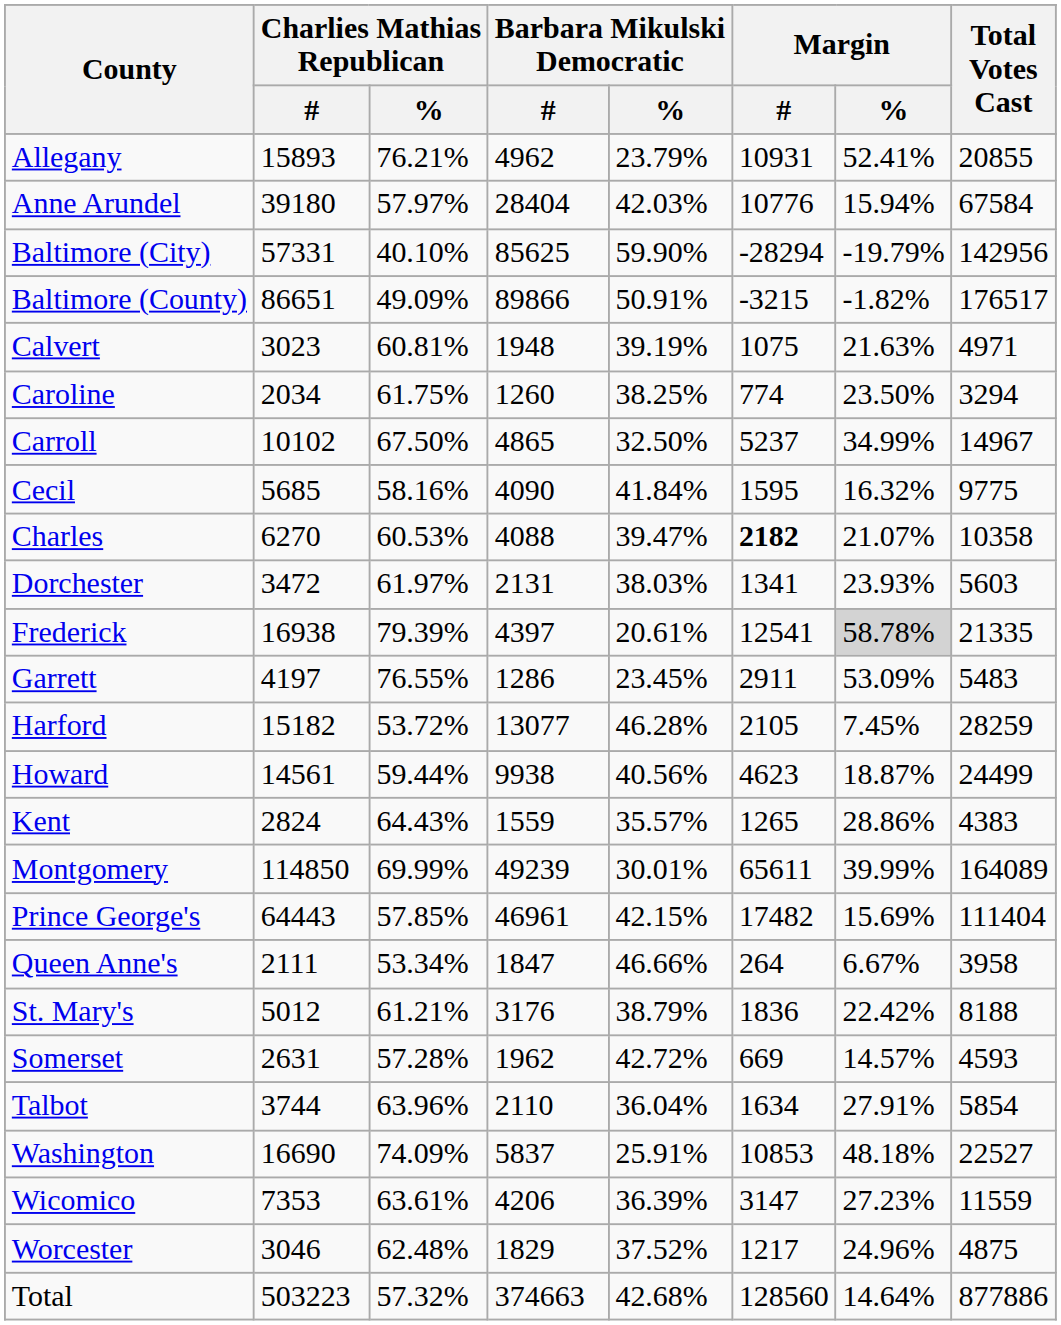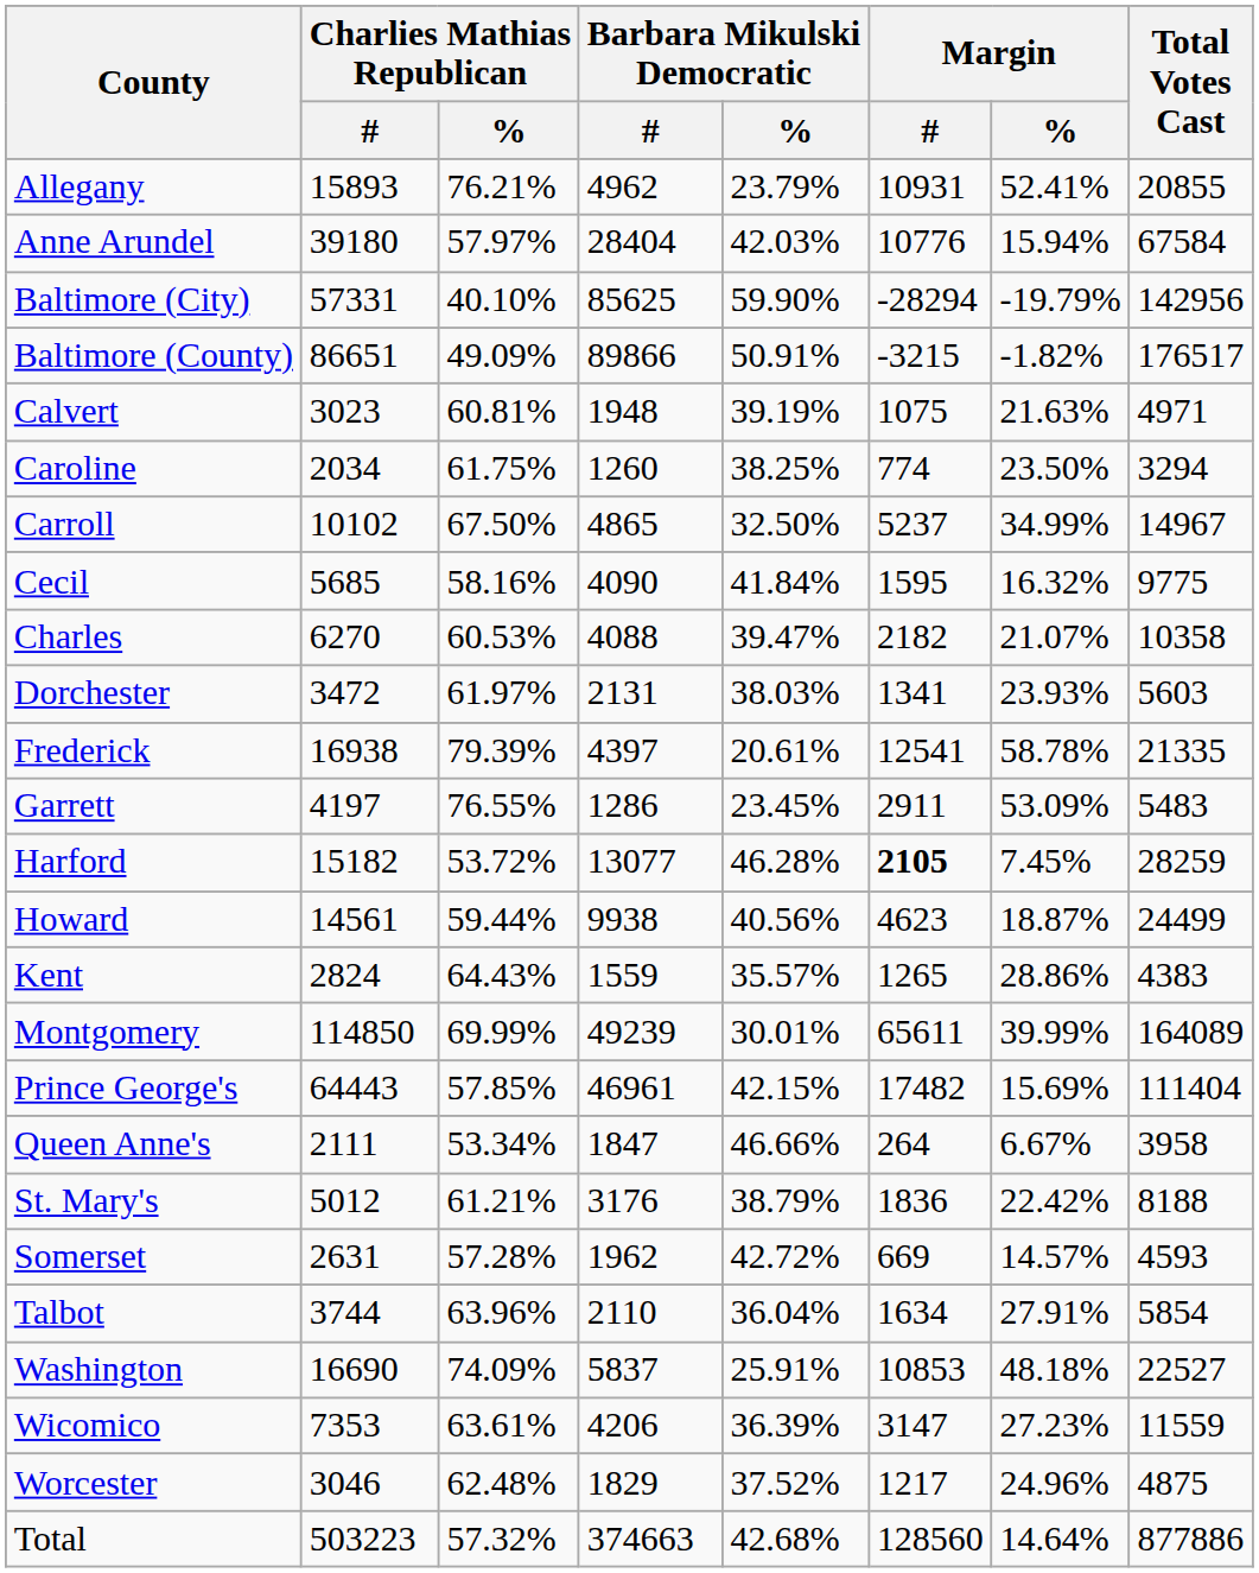 <table class="wikitable sortable">
 <tr>
 <th rowspan="2">County</th>
 <th colspan="2" >Charlies Mathias<br>Republican</th>
 <th colspan="2" >Barbara Mikulski<br>Democratic</th>
 <th colspan="2">Margin</th>
 <th rowspan="2">Total<br>Votes<br>Cast</th>
 </tr>
 <tr>
 <th>#</th>
 <th>%</th>
 <th>#</th>
 <th>%</th>
 <th>#</th>
 <th>%</th>
 </tr>
 <tr>
 <td><a href='#'>Allegany</a></td>
 <td>15893</td>
 <td>76.21%</td>
 <td>4962</td>
 <td>23.79%</td>
 <td>10931</td>
 <td>52.41%</td>
 <td>20855</td>
 </tr>
 <tr>
 <td><a href='#'>Anne Arundel</a></td>
 <td>39180</td>
 <td>57.97%</td>
 <td>28404</td>
 <td>42.03%</td>
 <td>10776</td>
 <td>15.94%</td>
 <td>67584</td>
 </tr>
 <tr>
 <td><a href='#'>Baltimore (City)</a></td>
 <td>57331</td>
 <td>40.10%</td>
 <td>85625</td>
 <td>59.90%</td>
 <td>-28294</td>
 <td>-19.79%</td>
 <td>142956</td>
 </tr>
 <tr>
 <td><a href='#'>Baltimore (County)</a></td>
 <td>86651</td>
 <td>49.09%</td>
 <td>89866</td>
 <td>50.91%</td>
 <td>-3215</td>
 <td>-1.82%</td>
 <td>176517</td>
 </tr>
 <tr>
 <td><a href='#'>Calvert</a></td>
 <td>3023</td>
 <td>60.81%</td>
 <td>1948</td>
 <td>39.19%</td>
 <td>1075</td>
 <td>21.63%</td>
 <td>4971</td>
 </tr>
 <tr>
 <td><a href='#'>Caroline</a></td>
 <td>2034</td>
 <td>61.75%</td>
 <td>1260</td>
 <td>38.25%</td>
 <td>774</td>
 <td>23.50%</td>
 <td>3294</td>
 </tr>
 <tr>
 <td><a href='#'>Carroll</a></td>
 <td>10102</td>
 <td>67.50%</td>
 <td>4865</td>
 <td>32.50%</td>
 <td>5237</td>
 <td>34.99%</td>
 <td>14967</td>
 </tr>
 <tr>
 <td><a href='#'>Cecil</a></td>
 <td>5685</td>
 <td>58.16%</td>
 <td>4090</td>
 <td>41.84%</td>
 <td>1595</td>
 <td>16.32%</td>
 <td>9775</td>
 </tr>
 <tr>
 <td><a href='#'>Charles</a></td>
 <td>6270</td>
 <td>60.53%</td>
 <td>4088</td>
 <td>39.47%</td>
-<td><strong>2182</strong></td>
+<td>2182</td>
 <td>21.07%</td>
 <td>10358</td>
 </tr>
 <tr>
 <td><a href='#'>Dorchester</a></td>
 <td>3472</td>
 <td>61.97%</td>
 <td>2131</td>
 <td>38.03%</td>
 <td>1341</td>
 <td>23.93%</td>
 <td>5603</td>
 </tr>
 <tr>
 <td><a href='#'>Frederick</a></td>
 <td>16938</td>
 <td>79.39%</td>
 <td>4397</td>
 <td>20.61%</td>
 <td>12541</td>
-<td style="background: lightgrey;">58.78%</td>
+<td>58.78%</td>
 <td>21335</td>
 </tr>
 <tr>
 <td><a href='#'>Garrett</a></td>
 <td>4197</td>
 <td>76.55%</td>
 <td>1286</td>
 <td>23.45%</td>
 <td>2911</td>
 <td>53.09%</td>
 <td>5483</td>
 </tr>
 <tr>
 <td><a href='#'>Harford</a></td>
 <td>15182</td>
 <td>53.72%</td>
 <td>13077</td>
 <td>46.28%</td>
-<td>2105</td>
+<td><strong>2105</strong></td>
 <td>7.45%</td>
 <td>28259</td>
 </tr>
 <tr>
 <td><a href='#'>Howard</a></td>
 <td>14561</td>
 <td>59.44%</td>
 <td>9938</td>
 <td>40.56%</td>
 <td>4623</td>
 <td>18.87%</td>
 <td>24499</td>
 </tr>
 <tr>
 <td><a href='#'>Kent</a></td>
 <td>2824</td>
 <td>64.43%</td>
 <td>1559</td>
 <td>35.57%</td>
 <td>1265</td>
 <td>28.86%</td>
 <td>4383</td>
 </tr>
 <tr>
 <td><a href='#'>Montgomery</a></td>
 <td>114850</td>
 <td>69.99%</td>
 <td>49239</td>
 <td>30.01%</td>
 <td>65611</td>
 <td>39.99%</td>
 <td>164089</td>
 </tr>
 <tr>
 <td><a href='#'>Prince George's</a></td>
 <td>64443</td>
 <td>57.85%</td>
 <td>46961</td>
 <td>42.15%</td>
 <td>17482</td>
 <td>15.69%</td>
 <td>111404</td>
 </tr>
 <tr>
 <td><a href='#'>Queen Anne's</a></td>
 <td>2111</td>
 <td>53.34%</td>
 <td>1847</td>
 <td>46.66%</td>
 <td>264</td>
 <td>6.67%</td>
 <td>3958</td>
 </tr>
 <tr>
 <td><a href='#'>St. Mary's</a></td>
 <td>5012</td>
 <td>61.21%</td>
 <td>3176</td>
 <td>38.79%</td>
 <td>1836</td>
 <td>22.42%</td>
 <td>8188</td>
 </tr>
 <tr>
 <td><a href='#'>Somerset</a></td>
 <td>2631</td>
 <td>57.28%</td>
 <td>1962</td>
 <td>42.72%</td>
 <td>669</td>
 <td>14.57%</td>
 <td>4593</td>
 </tr>
 <tr>
 <td><a href='#'>Talbot</a></td>
 <td>3744</td>
 <td>63.96%</td>
 <td>2110</td>
 <td>36.04%</td>
 <td>1634</td>
 <td>27.91%</td>
 <td>5854</td>
 </tr>
 <tr>
 <td><a href='#'>Washington</a></td>
 <td>16690</td>
 <td>74.09%</td>
 <td>5837</td>
 <td>25.91%</td>
 <td>10853</td>
 <td>48.18%</td>
 <td>22527</td>
 </tr>
 <tr>
 <td><a href='#'>Wicomico</a></td>
 <td>7353</td>
 <td>63.61%</td>
 <td>4206</td>
 <td>36.39%</td>
 <td>3147</td>
 <td>27.23%</td>
 <td>11559</td>
 </tr>
 <tr>
 <td><a href='#'>Worcester</a></td>
 <td>3046</td>
 <td>62.48%</td>
 <td>1829</td>
 <td>37.52%</td>
 <td>1217</td>
 <td>24.96%</td>
 <td>4875</td>
 </tr>
 <tr>
 <td>Total</td>
 <td>503223</td>
 <td>57.32%</td>
 <td>374663</td>
 <td>42.68%</td>
 <td>128560</td>
 <td>14.64%</td>
 <td>877886</td>
 </tr>
 </table>
